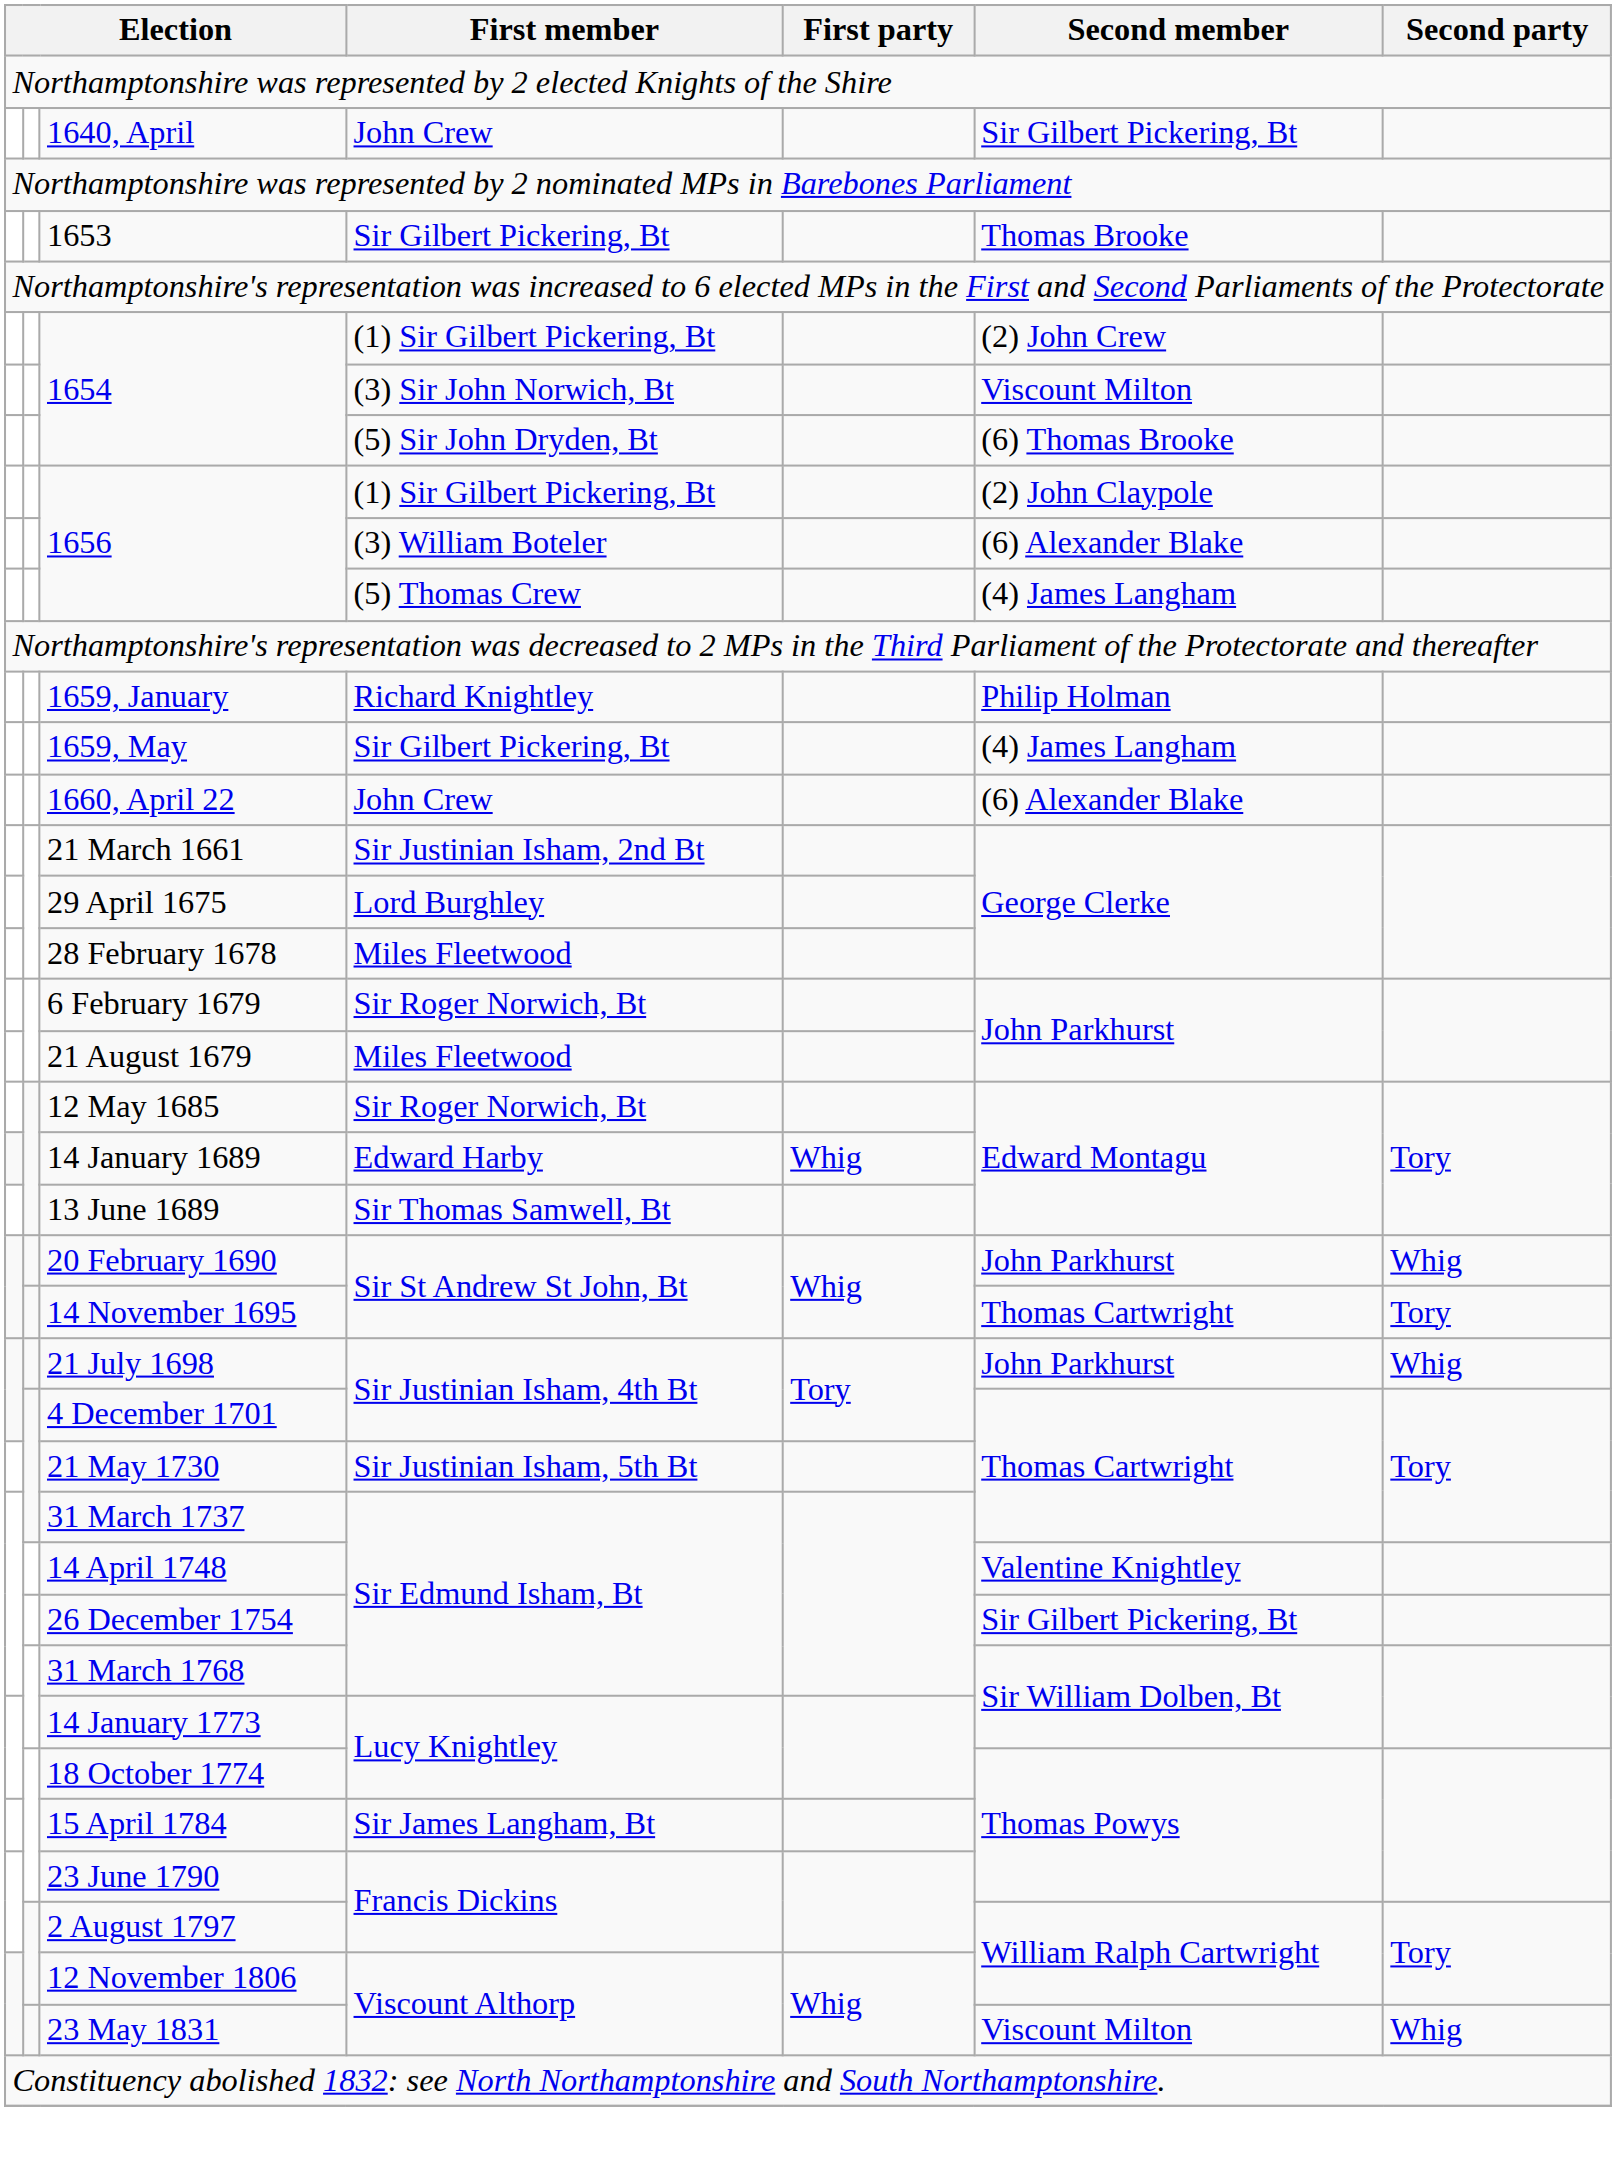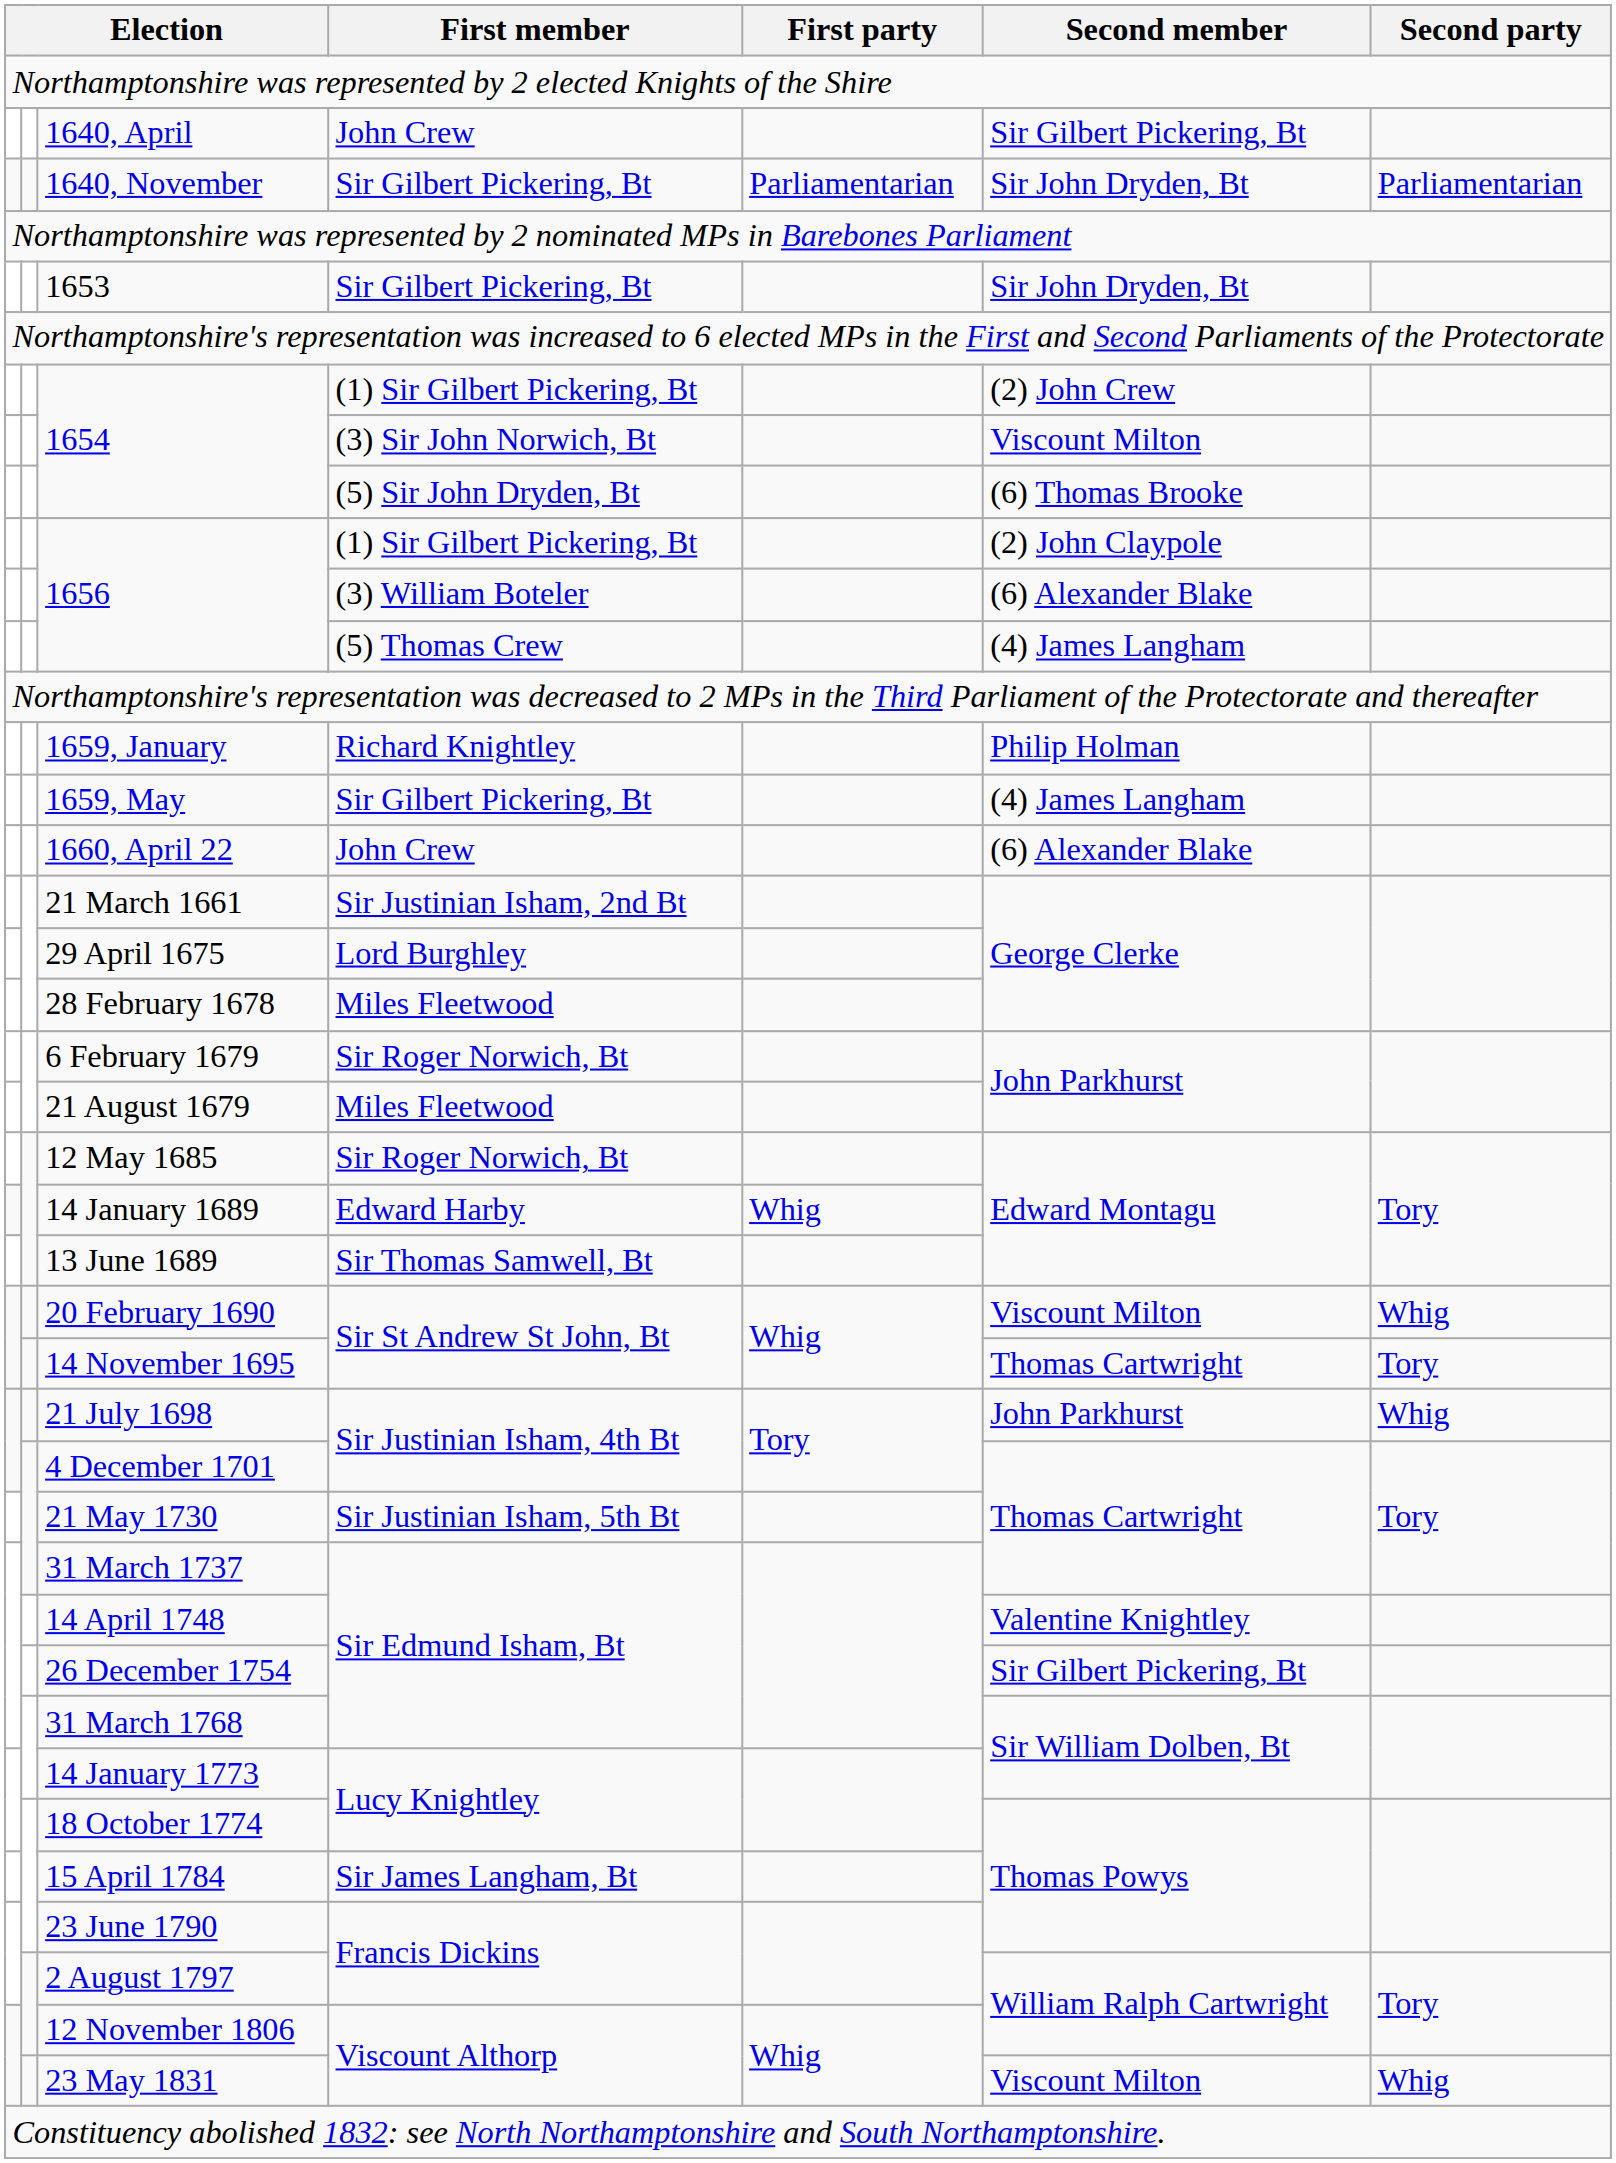 <table class="wikitable">
 <tr>
 <th colspan="3">Election</th>
 <th>First member</th>
 <th>First party</th>
 <th>Second member</th>
 <th>Second party</th>
 </tr>
 <tr>
 <td colspan="7"><em>Northamptonshire was represented by 2 elected Knights of the Shire</em></td>
 </tr>
 <tr>
 <td style="color:inherit;background-color: white"></td>
 <td style="color:inherit;background-color: white"></td>
 <td><a href='#'>1640, April</a></td>
 <td><a href='#'>John Crew</a></td>
 <td></td>
 <td><a href='#'>Sir Gilbert Pickering, Bt</a></td>
 <td></td>
 </tr>
 <tr>
+<td style="color:inherit;background-color: "></td>
+<td style="color:inherit;background-color: "></td>
+<td><a href='#'>1640, November</a></td>
+<td><a href='#'>Sir Gilbert Pickering, Bt</a> </td>
+<td><a href='#'>Parliamentarian</a></td>
+<td><a href='#'>Sir John Dryden, Bt</a> </td>
+<td><a href='#'>Parliamentarian</a></td>
+</tr>
+<tr>
 <td colspan="7"><em>Northamptonshire was represented by 2 nominated MPs in <a href='#'>Barebones Parliament</a></em></td>
 </tr>
 <tr>
 <td style="color:inherit;background-color: white"></td>
 <td style="color:inherit;background-color: white"></td>
 <td>1653 </td>
 <td><a href='#'>Sir Gilbert Pickering, Bt</a> </td>
 <td></td>
-<td><a href='#'>Thomas Brooke</a></td>
+<td><a href='#'>Sir John Dryden, Bt</a> </td>
 <td></td>
 </tr>
 <tr>
 <td colspan="7"><em>Northamptonshire's representation was increased to 6 elected MPs in the <a href='#'>First</a> and <a href='#'>Second</a> Parliaments of the Protectorate</em></td>
 </tr>
 <tr>
 <td style="color:inherit;background-color: white"></td>
 <td style="color:inherit;background-color: white"></td>
 <td rowspan="3"><a href='#'>1654</a></td>
 <td>(1) <a href='#'>Sir Gilbert Pickering, Bt</a> </td>
 <td></td>
 <td>(2) <a href='#'>John Crew</a></td>
 <td></td>
 </tr>
 <tr>
 <td style="color:inherit;background-color: white"></td>
 <td style="color:inherit;background-color: white"></td>
 <td>(3) <a href='#'>Sir John Norwich, Bt</a> </td>
 <td></td>
 <td><a href='#'>Viscount Milton</a> </td>
 <td></td>
 </tr>
 <tr>
 <td style="color:inherit;background-color: white"></td>
 <td style="color:inherit;background-color: white"></td>
 <td>(5) <a href='#'>Sir John Dryden, Bt</a> </td>
 <td></td>
 <td>(6) <a href='#'>Thomas Brooke</a></td>
 <td></td>
 </tr>
 <tr>
 <td style="color:inherit;background-color: white"></td>
 <td style="color:inherit;background-color: white"></td>
 <td rowspan="3"><a href='#'>1656</a></td>
 <td>(1) <a href='#'>Sir Gilbert Pickering, Bt</a> </td>
 <td></td>
 <td>(2) <a href='#'>John Claypole</a></td>
 <td></td>
 </tr>
 <tr>
 <td style="color:inherit;background-color: white"></td>
 <td style="color:inherit;background-color: white"></td>
 <td>(3) <a href='#'>William Boteler</a></td>
 <td></td>
 <td>(6) <a href='#'>Alexander Blake</a></td>
 <td></td>
 </tr>
 <tr>
 <td style="color:inherit;background-color: white"></td>
 <td style="color:inherit;background-color: white"></td>
 <td>(5) <a href='#'>Thomas Crew</a></td>
 <td></td>
 <td>(4) <a href='#'>James Langham</a> </td>
 <td></td>
 </tr>
 <tr>
 <td colspan="7"><em>Northamptonshire's representation was decreased to 2 MPs in the <a href='#'>Third</a> Parliament of the Protectorate and thereafter</em></td>
 </tr>
 <tr>
 <td style="color:inherit;background-color: white"></td>
 <td style="color:inherit;background-color: white"></td>
 <td><a href='#'>1659, January</a></td>
 <td><a href='#'>Richard Knightley</a></td>
 <td></td>
 <td><a href='#'>Philip Holman</a></td>
 <td></td>
 </tr>
 <tr>
 <td style="color:inherit;background-color: white"></td>
 <td style="color:inherit;background-color: white"></td>
 <td><a href='#'>1659, May</a></td>
 <td><a href='#'>Sir Gilbert Pickering, Bt</a> </td>
 <td></td>
 <td>(4) <a href='#'>James Langham</a> </td>
 <td></td>
 </tr>
 <tr>
 <td style="color:inherit;background-color: white"></td>
 <td style="color:inherit;background-color: white"></td>
 <td><a href='#'>1660, April 22</a></td>
 <td><a href='#'>John Crew</a> </td>
 <td></td>
 <td>(6) <a href='#'>Alexander Blake</a></td>
 <td></td>
 </tr>
 <tr>
 <td style="color:inherit;background-color: white"></td>
 <td rowspan="3" style="color:inherit;background-color: white"></td>
 <td>21 March 1661</td>
 <td><a href='#'>Sir Justinian Isham, 2nd Bt</a> </td>
 <td></td>
 <td rowspan="3"><a href='#'>George Clerke</a> </td>
 <td rowspan="3"></td>
 </tr>
 <tr>
 <td style="color:inherit;background-color: white"></td>
 <td>29 April 1675</td>
 <td><a href='#'>Lord Burghley</a> </td>
 <td></td>
 </tr>
 <tr>
 <td style="color:inherit;background-color: white"></td>
 <td>28 February 1678</td>
 <td><a href='#'>Miles Fleetwood</a> </td>
 <td></td>
 </tr>
 <tr>
 <td style="color:inherit;background-color: white"></td>
 <td rowspan="2" style="color:inherit;background-color: white"></td>
 <td>6 February 1679</td>
 <td><a href='#'>Sir Roger Norwich, Bt</a> </td>
 <td></td>
 <td rowspan="2"><a href='#'>John Parkhurst</a> </td>
 <td rowspan="2"></td>
 </tr>
 <tr>
 <td style="color:inherit;background-color: white"></td>
 <td>21 August 1679</td>
 <td><a href='#'>Miles Fleetwood</a> </td>
 <td></td>
 </tr>
 <tr>
 <td style="color:inherit;background-color: white"></td>
 <td rowspan="3" style="color:inherit;background-color: "></td>
 <td>12 May 1685</td>
 <td><a href='#'>Sir Roger Norwich, Bt</a> </td>
 <td></td>
 <td rowspan="3"><a href='#'>Edward Montagu</a> </td>
 <td rowspan="3"><a href='#'>Tory</a></td>
 </tr>
 <tr>
 <td style="color:inherit;background-color: "></td>
 <td>14 January 1689</td>
 <td><a href='#'>Edward Harby</a> </td>
 <td><a href='#'>Whig</a></td>
 </tr>
 <tr>
 <td style="color:inherit;background-color: white"></td>
 <td>13 June 1689</td>
 <td><a href='#'>Sir Thomas Samwell, Bt</a> </td>
 <td></td>
 </tr>
 <tr>
 <td rowspan="2" style="color:inherit;background-color: "></td>
 <td style="color:inherit;background-color: "></td>
 <td><a href='#'>20 February 1690</a></td>
 <td rowspan="2"><a href='#'>Sir St Andrew St John, Bt</a> </td>
 <td rowspan="2"><a href='#'>Whig</a></td>
-<td><a href='#'>John Parkhurst</a> </td>
+<td><a href='#'>Viscount Milton</a> </td>
 <td><a href='#'>Whig</a></td>
 </tr>
 <tr>
 <td style="color:inherit;background-color: "></td>
 <td><a href='#'>14 November 1695</a></td>
 <td><a href='#'>Thomas Cartwright</a> </td>
 <td><a href='#'>Tory</a></td>
 </tr>
 <tr>
 <td rowspan="2" style="color:inherit;background-color: "></td>
 <td style="color:inherit;background-color: "></td>
 <td><a href='#'>21 July 1698</a></td>
 <td rowspan="2"><a href='#'>Sir Justinian Isham, 4th Bt</a> </td>
 <td rowspan="2"><a href='#'>Tory</a></td>
 <td><a href='#'>John Parkhurst</a> </td>
 <td><a href='#'>Whig</a></td>
 </tr>
 <tr>
 <td rowspan="3" style="color:inherit;background-color: "></td>
 <td><a href='#'>4 December 1701</a></td>
 <td rowspan="3"><a href='#'>Thomas Cartwright</a> </td>
 <td rowspan="3"><a href='#'>Tory</a></td>
 </tr>
 <tr>
 <td style="color:inherit;background-color: white"></td>
 <td><a href='#'>21 May 1730</a></td>
 <td><a href='#'>Sir Justinian Isham, 5th Bt</a> </td>
 <td></td>
 </tr>
 <tr>
 <td rowspan="4" style="color:inherit;background-color: white"></td>
 <td><a href='#'>31 March 1737</a></td>
 <td rowspan="4"><a href='#'>Sir Edmund Isham, Bt</a> </td>
 <td rowspan="4"></td>
 </tr>
 <tr>
 <td style="color:inherit;background-color: white"></td>
 <td><a href='#'>14 April 1748</a></td>
 <td><a href='#'>Valentine Knightley</a> </td>
 <td></td>
 </tr>
 <tr>
 <td style="color:inherit;background-color: white"></td>
 <td><a href='#'>26 December 1754</a></td>
 <td><a href='#'>Sir Gilbert Pickering, Bt</a></td>
 <td></td>
 </tr>
 <tr>
 <td rowspan="2" style="color:inherit;background-color: white"></td>
 <td><a href='#'>31 March 1768</a></td>
 <td rowspan="2"><a href='#'>Sir William Dolben, Bt</a> </td>
 <td rowspan="2"></td>
 </tr>
 <tr>
 <td rowspan="2" style="color:inherit;background-color: white"></td>
 <td><a href='#'>14 January 1773</a></td>
 <td rowspan="2"><a href='#'>Lucy Knightley</a> </td>
 <td rowspan="2"></td>
 </tr>
 <tr>
 <td rowspan="3" style="color:inherit;background-color: white"></td>
 <td><a href='#'>18 October 1774</a></td>
 <td rowspan="3"><a href='#'>Thomas Powys</a> </td>
 <td rowspan="3"></td>
 </tr>
 <tr>
 <td style="color:inherit;background-color: white"></td>
 <td><a href='#'>15 April 1784</a></td>
 <td><a href='#'>Sir James Langham, Bt</a> </td>
 <td></td>
 </tr>
 <tr>
 <td rowspan="2" style="color:inherit;background-color: white"></td>
 <td><a href='#'>23 June 1790</a></td>
 <td rowspan="2"><a href='#'>Francis Dickins</a> </td>
 <td rowspan="2"></td>
 </tr>
 <tr>
 <td rowspan="2" style="color:inherit;background-color: "></td>
 <td><a href='#'>2 August 1797</a></td>
 <td rowspan="2"><a href='#'>William Ralph Cartwright</a> </td>
 <td rowspan="2"><a href='#'>Tory</a></td>
 </tr>
 <tr>
 <td rowspan="2" style="color:inherit;background-color: "></td>
 <td><a href='#'>12 November 1806</a></td>
 <td rowspan="2"><a href='#'>Viscount Althorp</a> </td>
 <td rowspan="2"><a href='#'>Whig</a></td>
 </tr>
 <tr>
 <td style="color:inherit;background-color: "></td>
 <td><a href='#'>23 May 1831</a></td>
 <td><a href='#'>Viscount Milton</a> </td>
 <td><a href='#'>Whig</a></td>
 </tr>
 <tr>
 <td colspan="7"><em>Constituency abolished <a href='#'>1832</a>: see <a href='#'>North Northamptonshire</a> and <a href='#'>South Northamptonshire</a>.</em></td>
 </tr>
 <tr>
 </tr>
 </table>
